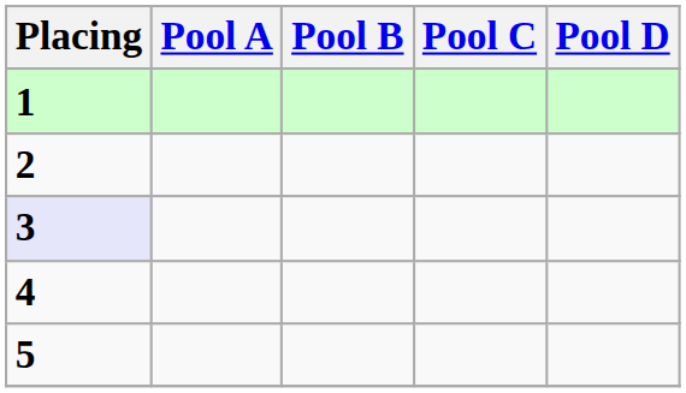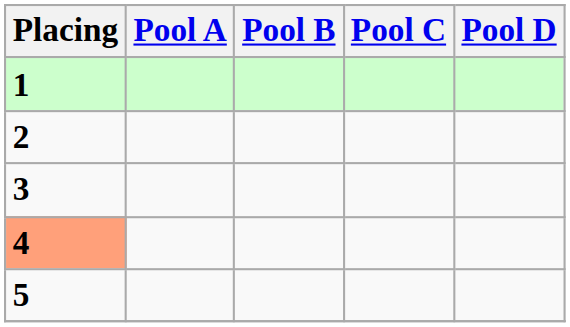 <table class=wikitable style="border:1px solid #AAAAAA;">
 <tr>
 <th>Placing</th>
 <th><a href='#'>Pool A</a></th>
 <th><a href='#'>Pool B</a></th>
 <th><a href='#'>Pool C</a></th>
 <th><a href='#'>Pool D</a></th>
 </tr>
 <tr style="background: #ccffcc;">
 <td><strong>1</strong></td>
 <td></td>
 <td></td>
 <td></td>
 <td></td>
 </tr>
 <tr>
 <td><strong>2</strong></td>
 <td></td>
 <td></td>
 <td></td>
 <td></td>
 </tr>
 <tr>
-<td style="background: lavender;"><strong>3</strong></td>
+<td><strong>3</strong></td>
 <td></td>
 <td></td>
 <td></td>
 <td></td>
 </tr>
 <tr>
-<td><strong>4</strong></td>
+<td style="background: lightsalmon;"><strong>4</strong></td>
 <td></td>
 <td></td>
 <td></td>
 <td></td>
 </tr>
 <tr>
 <td><strong>5</strong></td>
 <td></td>
 <td></td>
 <td></td>
 <td></td>
 </tr>
 <tr>
 </tr>
 </table>
